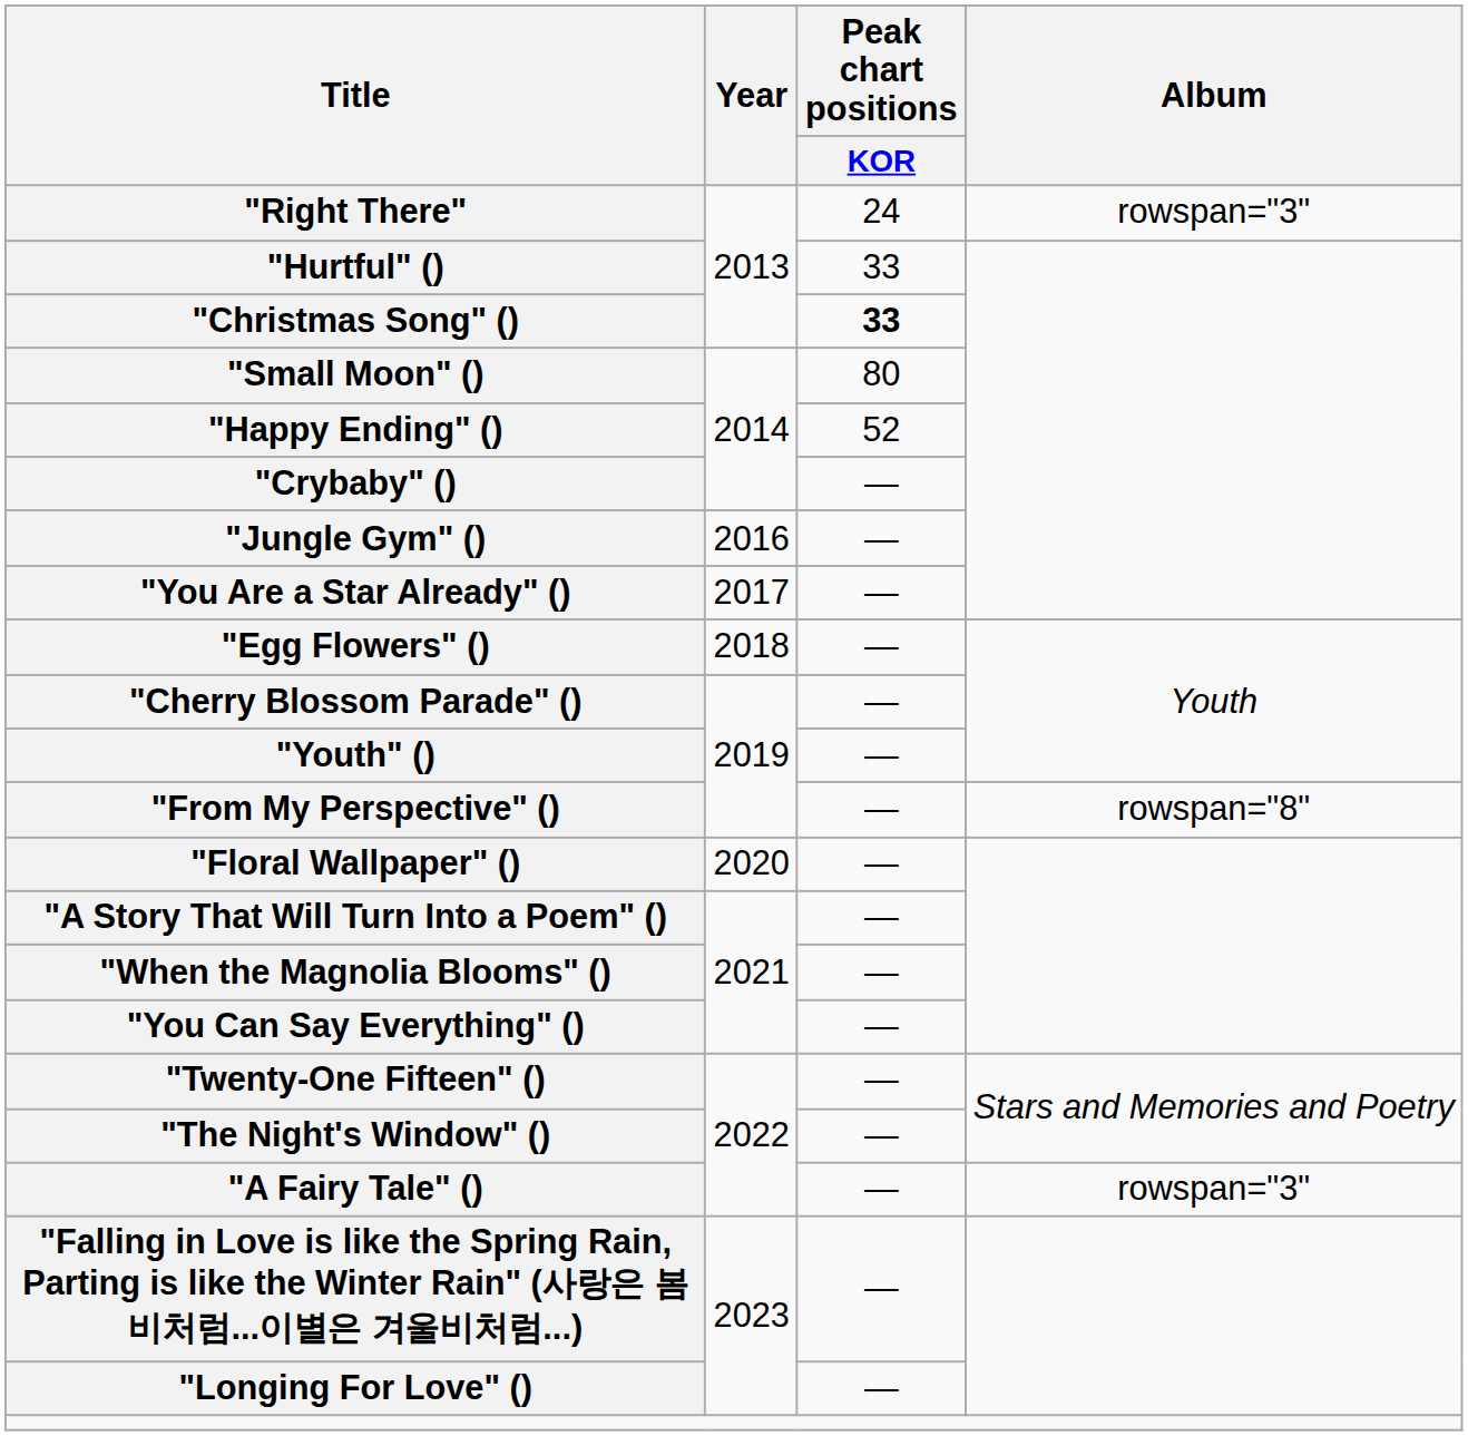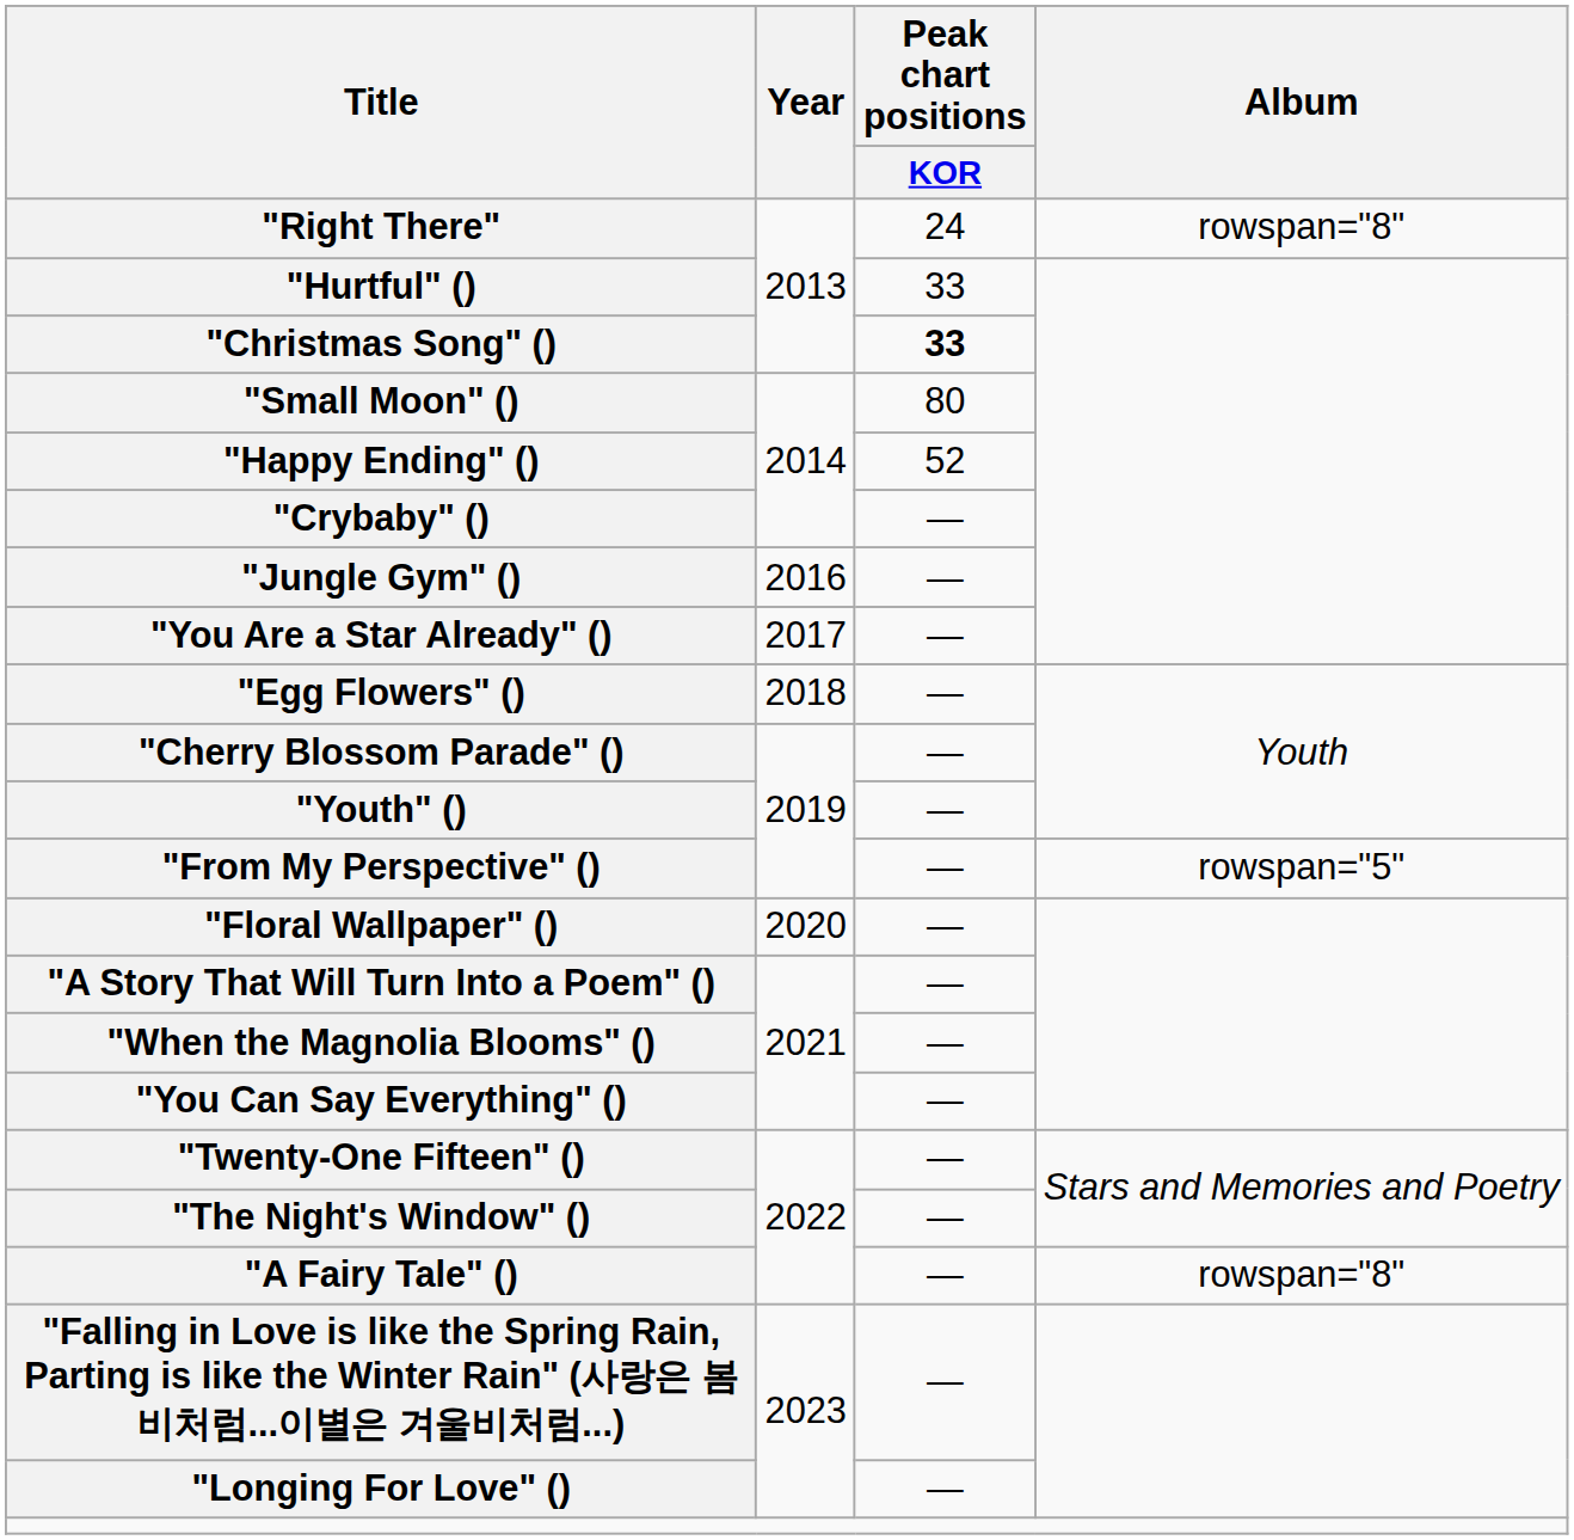 <table class="wikitable plainrowheaders" style="text-align:center;">
 <tr>
 <th scope="col" rowspan="2" style="width:20em;">Title</th>
 <th scope="col" rowspan="2">Year</th>
 <th scope="col">Peak chart positions</th>
 <th scope="col" rowspan="2">Album</th>
 </tr>
 <tr>
 <th scope="col" style="width:2.5em;font-size:90%;"><a href='#'>KOR</a><br></th>
 </tr>
 <tr>
 <th scope="row">"Right There"</th>
 <td rowspan="3">2013</td>
 <td>24</td>
-<td>rowspan="3" </td>
+<td>rowspan="8" </td>
 </tr>
 <tr>
 <th scope="row">"Hurtful" ()</th>
 <td>33</td>
 </tr>
 <tr>
 <th scope="row">"Christmas Song" () </th>
 <td><strong>33</strong></td>
 </tr>
 <tr>
 <th scope="row">"Small Moon" () </th>
 <td rowspan="3">2014</td>
 <td>80</td>
 </tr>
 <tr>
 <th scope="row">"Happy Ending" ()</th>
 <td>52</td>
 </tr>
 <tr>
 <th scope="row">"Crybaby" ()</th>
 <td>—</td>
 </tr>
 <tr>
 <th scope="row">"Jungle Gym" ()</th>
 <td>2016</td>
 <td>—</td>
 </tr>
 <tr>
 <th scope="row">"You Are a Star Already" ()</th>
 <td>2017</td>
 <td>—</td>
 </tr>
 <tr>
 <th scope="row">"Egg Flowers" ()</th>
 <td>2018</td>
 <td>—</td>
 <td rowspan="3"><em>Youth</em></td>
 </tr>
 <tr>
 <th scope="row">"Cherry Blossom Parade" ()</th>
 <td rowspan="3">2019</td>
 <td>—</td>
 </tr>
 <tr>
 <th scope="row">"Youth" ()</th>
 <td>—</td>
 </tr>
 <tr>
 <th scope="row">"From My Perspective" ()</th>
 <td>—</td>
-<td>rowspan="8" </td>
+<td>rowspan="5" </td>
 </tr>
 <tr>
 <th scope="row">"Floral Wallpaper" ()</th>
 <td>2020</td>
 <td>—</td>
 </tr>
 <tr>
 <th scope="row">"A Story That Will Turn Into a Poem" ()</th>
 <td rowspan="3">2021</td>
 <td>—</td>
 </tr>
 <tr>
 <th scope="row">"When the Magnolia Blooms" ()</th>
 <td>—</td>
 </tr>
 <tr>
 <th scope="row">"You Can Say Everything" () </th>
 <td>—</td>
 </tr>
 <tr>
 <th scope="row">"Twenty-One Fifteen" ()</th>
 <td rowspan="3">2022</td>
 <td>—</td>
 <td rowspan="2"><em>Stars and Memories and Poetry</em></td>
 </tr>
 <tr>
 <th scope="row">"The Night's Window" ()</th>
 <td>—</td>
 </tr>
 <tr>
 <th scope="row">"A Fairy Tale" ()</th>
 <td>—</td>
-<td>rowspan="3" </td>
+<td>rowspan="8" </td>
 </tr>
 <tr>
 <th scope="row">"Falling in Love is like the Spring Rain, Parting is like the Winter Rain" (사랑은 봄비처럼...이별은 겨울비처럼...)</th>
 <td rowspan="2">2023</td>
 <td>—</td>
 </tr>
 <tr>
 <th scope="row">"Longing For Love" () </th>
 <td>—</td>
 </tr>
 <tr>
 <td colspan="4"></td>
 </tr>
 </table>
